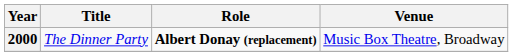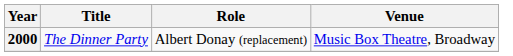 <table class="wikitable plainrowheaders">
 <tr>
 <th scope="col">Year</th>
 <th scope="col">Title</th>
 <th scope="col">Role</th>
 <th scope="col" class="unsortable">Venue</th>
 </tr>
 <tr>
 <th scope="row">2000</th>
 <td><em><a href='#'>The Dinner Party</a></em></td>
-<td><strong>Albert Donay <small> (replacement) </small></strong></td>
+<td>Albert Donay <small> (replacement) </small></td>
 <td><a href='#'>Music Box Theatre</a>, Broadway</td>
 </tr>
 <tr>
 </tr>
 </table>
